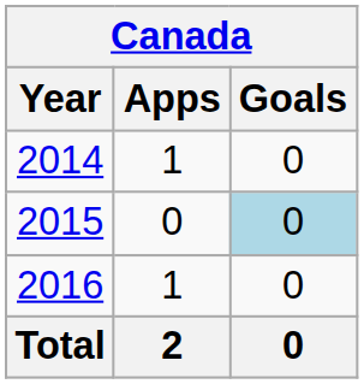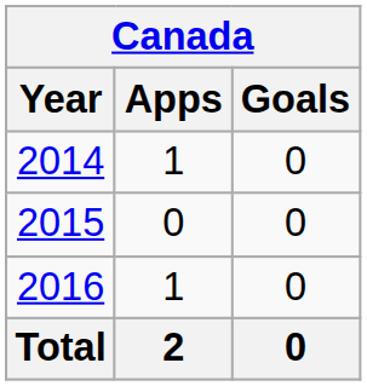 <table class="wikitable" style="text-align:center">
 <tr>
 <th colspan=3><a href='#'>Canada</a></th>
 </tr>
 <tr>
 <th>Year</th>
 <th>Apps</th>
 <th>Goals</th>
 </tr>
 <tr>
 <td><a href='#'>2014</a></td>
 <td>1</td>
 <td>0</td>
 </tr>
 <tr>
 <td><a href='#'>2015</a></td>
 <td>0</td>
-<td style="background: lightblue;">0</td>
+<td>0</td>
 </tr>
 <tr>
 <td><a href='#'>2016</a></td>
 <td>1</td>
 <td>0</td>
 </tr>
 <tr>
 <th>Total</th>
 <th>2</th>
 <th>0</th>
 </tr>
 </table>
